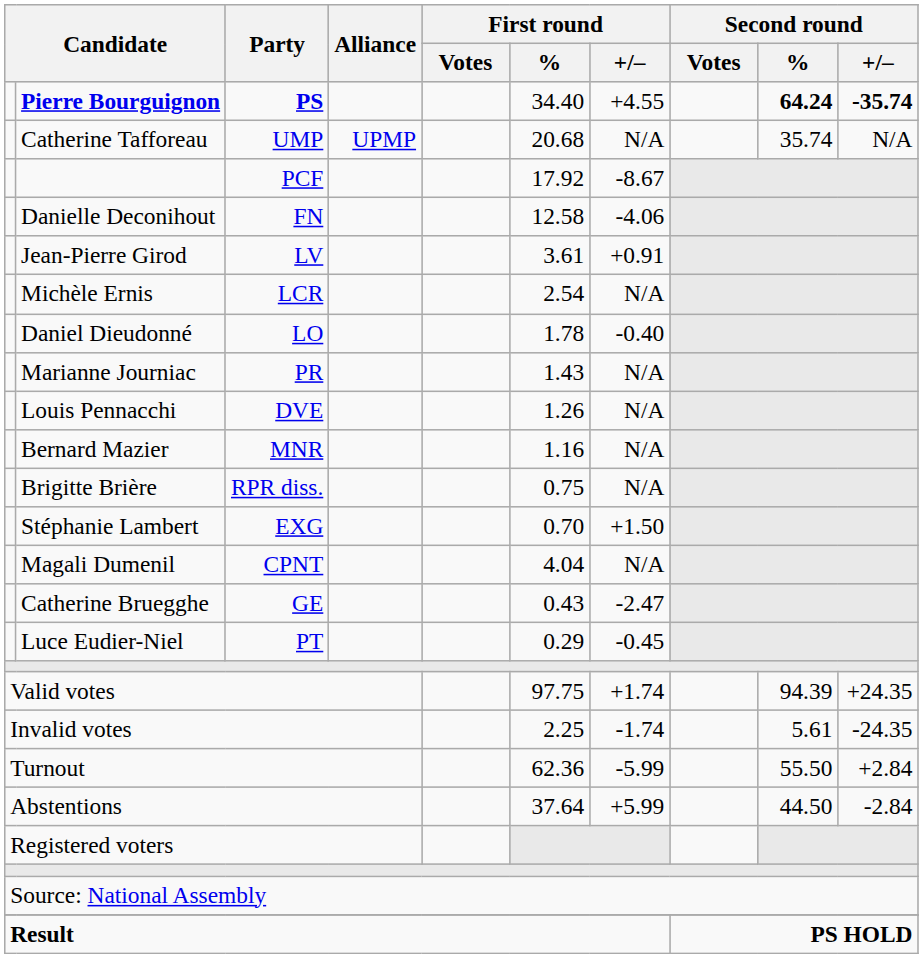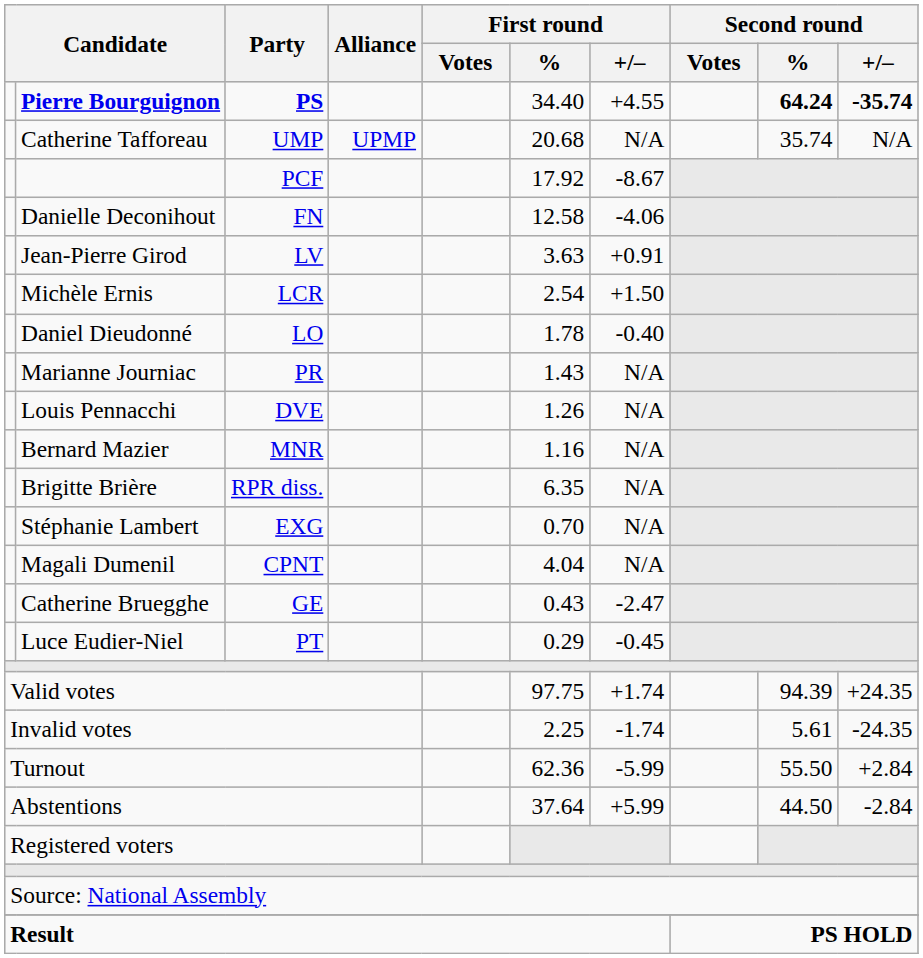 <table class="wikitable" style="text-align:right;font-size:95%;">
 <tr>
 <th rowspan="2" colspan="2">Candidate</th>
 <th rowspan="2">Party</th>
 <th rowspan="2">Alliance</th>
 <th colspan="3">First round</th>
 <th colspan="3">Second round</th>
 </tr>
 <tr>
 <th style="width:50px;">Votes</th>
 <th style="width:45px;">%</th>
 <th style="width:45px;">+/–</th>
 <th style="width:50px;">Votes</th>
 <th style="width:45px;">%</th>
 <th style="width:45px;">+/–</th>
 </tr>
 <tr>
 <td style="color:inherit;background:"></td>
 <td style="text-align:left;"><strong><a href='#'>Pierre Bourguignon</a></strong></td>
 <td><a href='#'><strong>PS</strong></a> </td>
 <td></td>
 <td></td>
 <td>34.40</td>
 <td>+4.55</td>
 <td><strong></strong></td>
 <td><strong>64.24</strong></td>
 <td><strong>-35.74</strong></td>
 </tr>
 <tr>
 <td style="color:inherit;background:"></td>
 <td style="text-align:left;">Catherine Tafforeau</td>
 <td><a href='#'>UMP</a> </td>
 <td><a href='#'>UPMP</a> </td>
 <td></td>
 <td>20.68</td>
 <td>N/A</td>
 <td></td>
 <td>35.74</td>
 <td>N/A</td>
 </tr>
 <tr>
 <td style="color:inherit;background:"></td>
 <td style="text-align:left;"></td>
 <td><a href='#'>PCF</a></td>
 <td></td>
 <td></td>
 <td>17.92</td>
 <td>-8.67</td>
 <td colspan="3" style="background:#E9E9E9;"></td>
 </tr>
 <tr>
 <td style="color:inherit;background:"></td>
 <td style="text-align:left;">Danielle Deconihout</td>
 <td><a href='#'>FN</a></td>
 <td></td>
 <td></td>
 <td>12.58</td>
 <td>-4.06</td>
 <td colspan="3" style="background:#E9E9E9;"></td>
 </tr>
 <tr>
 <td style="color:inherit;background:"></td>
 <td style="text-align:left;">Jean-Pierre Girod</td>
 <td><a href='#'>LV</a></td>
 <td></td>
 <td></td>
-<td>3.61</td>
+<td>3.63</td>
 <td>+0.91</td>
 <td colspan="3" style="background:#E9E9E9;"></td>
 </tr>
 <tr>
 <td style="color:inherit;background:"></td>
 <td style="text-align:left;">Michèle Ernis</td>
 <td><a href='#'>LCR</a></td>
 <td></td>
 <td></td>
 <td>2.54</td>
-<td>N/A</td>
+<td>+1.50</td>
 <td colspan="3" style="background:#E9E9E9;"></td>
 </tr>
 <tr>
 <td style="color:inherit;background:"></td>
 <td style="text-align:left;">Daniel Dieudonné</td>
 <td><a href='#'>LO</a></td>
 <td></td>
 <td></td>
 <td>1.78</td>
 <td>-0.40</td>
 <td colspan="3" style="background:#E9E9E9;"></td>
 </tr>
 <tr>
 <td style="color:inherit;background:"></td>
 <td style="text-align:left;">Marianne Journiac</td>
 <td><a href='#'>PR</a></td>
 <td></td>
 <td></td>
 <td>1.43</td>
 <td>N/A</td>
 <td colspan="3" style="background:#E9E9E9;"></td>
 </tr>
 <tr>
 <td style="color:inherit;background:"></td>
 <td style="text-align:left;">Louis Pennacchi</td>
 <td><a href='#'>DVE</a></td>
 <td></td>
 <td></td>
 <td>1.26</td>
 <td>N/A</td>
 <td colspan="3" style="background:#E9E9E9;"></td>
 </tr>
 <tr>
 <td style="color:inherit;background:"></td>
 <td style="text-align:left;">Bernard Mazier</td>
 <td><a href='#'>MNR</a></td>
 <td></td>
 <td></td>
 <td>1.16</td>
 <td>N/A</td>
 <td colspan="3" style="background:#E9E9E9;"></td>
 </tr>
 <tr>
 <td style="color:inherit;background:"></td>
 <td style="text-align:left;">Brigitte Brière</td>
 <td><a href='#'>RPR diss.</a></td>
 <td></td>
 <td></td>
-<td>0.75</td>
+<td>6.35</td>
 <td>N/A</td>
 <td colspan="3" style="background:#E9E9E9;"></td>
 </tr>
 <tr>
 <td style="color:inherit;background:"></td>
 <td style="text-align:left;">Stéphanie Lambert</td>
 <td><a href='#'>EXG</a></td>
 <td></td>
 <td></td>
 <td>0.70</td>
-<td>+1.50</td>
+<td>N/A</td>
 <td colspan="3" style="background:#E9E9E9;"></td>
 </tr>
 <tr>
 <td style="color:inherit;background:"></td>
 <td style="text-align:left;">Magali Dumenil</td>
 <td><a href='#'>CPNT</a></td>
 <td></td>
 <td></td>
 <td>4.04</td>
 <td>N/A</td>
 <td colspan="3" style="background:#E9E9E9;"></td>
 </tr>
 <tr>
 <td style="color:inherit;background:"></td>
 <td style="text-align:left;">Catherine Bruegghe</td>
 <td><a href='#'>GE</a></td>
 <td></td>
 <td></td>
 <td>0.43</td>
 <td>-2.47</td>
 <td colspan="3" style="background:#E9E9E9;"></td>
 </tr>
 <tr>
 <td style="color:inherit;background:"></td>
 <td style="text-align:left;">Luce Eudier-Niel</td>
 <td><a href='#'>PT</a></td>
 <td></td>
 <td></td>
 <td>0.29</td>
 <td>-0.45</td>
 <td colspan="3" style="background:#E9E9E9;"></td>
 </tr>
 <tr>
 <td colspan="10" style="background:#E9E9E9;"></td>
 </tr>
 <tr>
 <td colspan="4" style="text-align:left;">Valid votes</td>
 <td></td>
 <td>97.75</td>
 <td>+1.74</td>
 <td></td>
 <td>94.39</td>
 <td>+24.35</td>
 </tr>
 <tr>
 <td colspan="4" style="text-align:left;">Invalid votes</td>
 <td></td>
 <td>2.25</td>
 <td>-1.74</td>
 <td></td>
 <td>5.61</td>
 <td>-24.35</td>
 </tr>
 <tr>
 <td colspan="4" style="text-align:left;">Turnout</td>
 <td></td>
 <td>62.36</td>
 <td>-5.99</td>
 <td></td>
 <td>55.50</td>
 <td>+2.84</td>
 </tr>
 <tr>
 <td colspan="4" style="text-align:left;">Abstentions</td>
 <td></td>
 <td>37.64</td>
 <td>+5.99</td>
 <td></td>
 <td>44.50</td>
 <td>-2.84</td>
 </tr>
 <tr>
 <td colspan="4" style="text-align:left;">Registered voters</td>
 <td></td>
 <td colspan="2" style="background:#E9E9E9;"></td>
 <td></td>
 <td colspan="2" style="background:#E9E9E9;"></td>
 </tr>
 <tr>
 <td colspan="10" style="background:#E9E9E9;"></td>
 </tr>
 <tr>
 <td colspan="10" style="text-align:left;">Source: <a href='#'>National Assembly</a></td>
 </tr>
 <tr>
 </tr>
 <tr style="font-weight:bold">
 <td colspan="7" style="text-align:left;">Result</td>
 <td colspan="7" style="background-color:">PS HOLD</td>
 </tr>
 </table>
